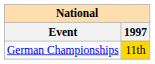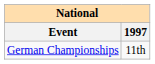 <table class="wikitable" style="text-align:center">
 <tr>
 <th style="background-color: #ffdead; " colspan=2 align=center>National</th>
 </tr>
 <tr>
 <th>Event</th>
 <th>1997</th>
 </tr>
 <tr>
 <td align=left><a href='#'>German Championships</a></td>
-<td style="background: gold;">11th</td>
+<td>11th</td>
 </tr>
 </table>
